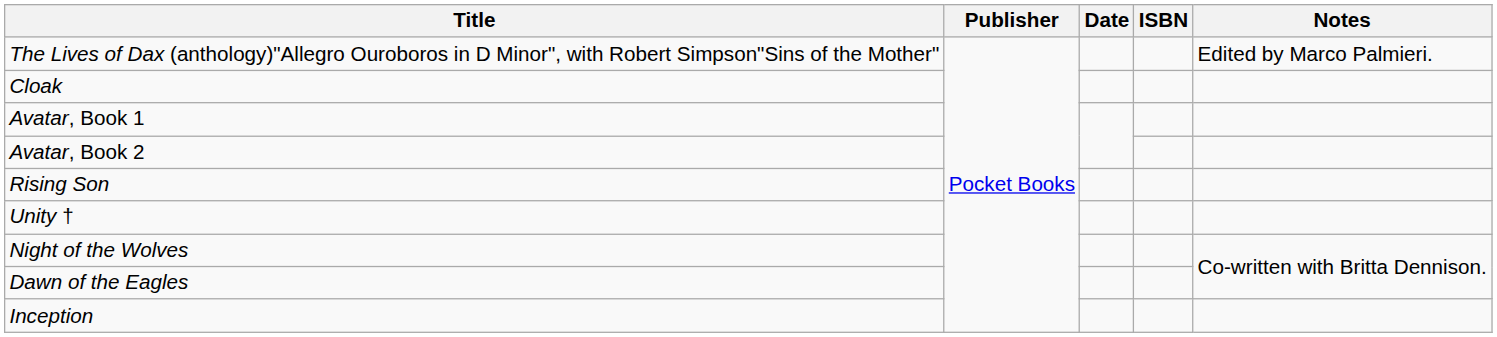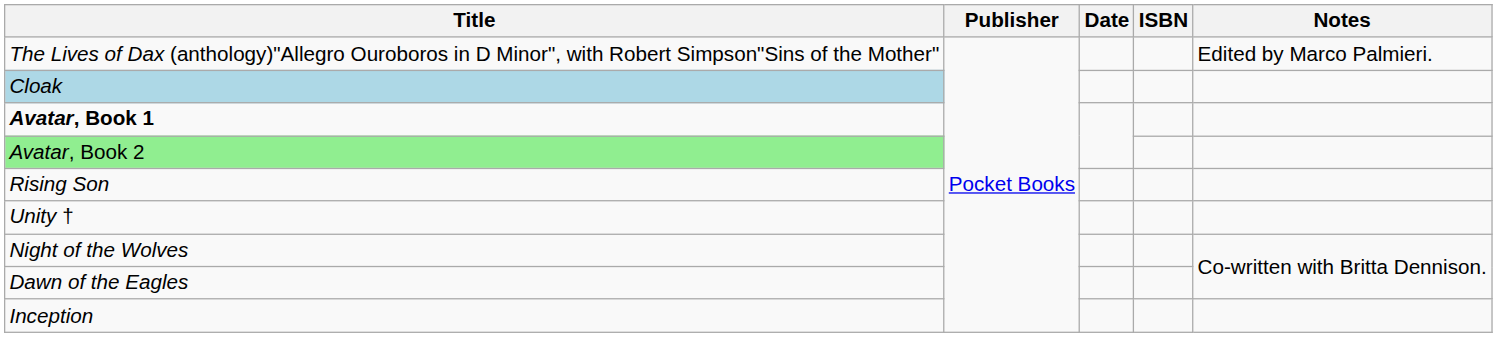 <table class="wikitable">
 <tr>
 <th>Title</th>
 <th>Publisher</th>
 <th>Date</th>
 <th>ISBN</th>
 <th>Notes</th>
 </tr>
 <tr>
 <td><em>The Lives of Dax</em> (anthology)"Allegro Ouroboros in D Minor", with Robert Simpson"Sins of the Mother"</td>
 <td rowspan="9"><a href='#'>Pocket Books</a></td>
 <td></td>
 <td></td>
 <td>Edited by Marco Palmieri.</td>
 </tr>
 <tr>
-<td><em>Cloak</em></td>
+<td style="background: lightblue;"><em>Cloak</em></td>
 <td></td>
 <td></td>
 <td></td>
 </tr>
 <tr>
-<td><em>Avatar</em>, Book 1</td>
+<td><strong><em>Avatar</em>, Book 1</strong></td>
 <td rowspan="2"></td>
 <td></td>
 <td></td>
 </tr>
 <tr>
-<td><em>Avatar</em>, Book 2</td>
+<td style="background: lightgreen;"><em>Avatar</em>, Book 2</td>
 <td></td>
 <td></td>
 </tr>
 <tr>
 <td><em>Rising Son</em></td>
 <td></td>
 <td></td>
 <td></td>
 </tr>
 <tr>
 <td><em>Unity</em> †</td>
 <td></td>
 <td></td>
 <td></td>
 </tr>
 <tr>
 <td><em>Night of the Wolves</em></td>
 <td></td>
 <td></td>
 <td rowspan="2">Co-written with Britta Dennison.</td>
 </tr>
 <tr>
 <td><em>Dawn of the Eagles</em></td>
 <td></td>
 <td></td>
 </tr>
 <tr>
 <td><em>Inception</em></td>
 <td></td>
 <td></td>
 <td></td>
 </tr>
 </table>
